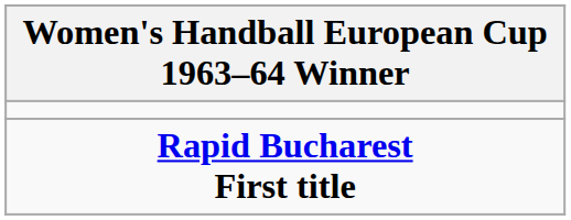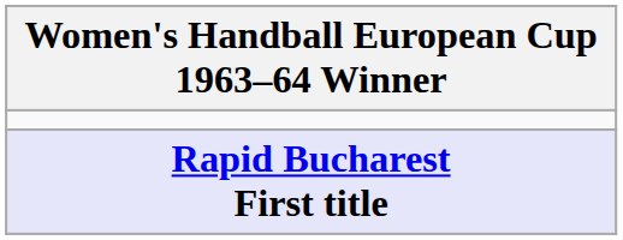 <table class="wikitable" style="text-align: center; margin: 0 auto; width: 20%">
 <tr>
 <th>Women's Handball European Cup <br>1963–64 Winner</th>
 </tr>
 <tr>
 <td></td>
 </tr>
 <tr>
-<td><strong> <a href='#'>Rapid Bucharest</a></strong><br><strong>First title</strong> <br></td>
+<td style="background: lavender;"><strong> <a href='#'>Rapid Bucharest</a></strong><br><strong>First title</strong> <br></td>
 </tr>
 </table>
